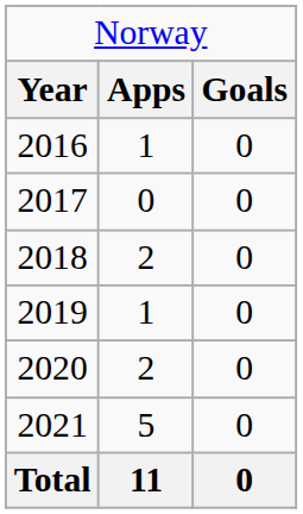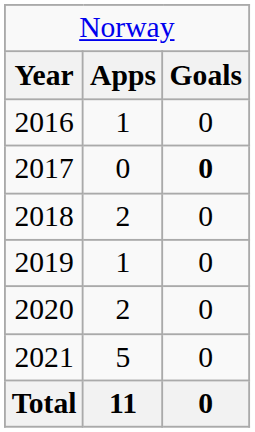 <table class="wikitable" style="text-align:center">
 <tr>
 <td colspan=3><a href='#'>Norway</a></td>
 </tr>
 <tr>
 <th>Year</th>
 <th>Apps</th>
 <th>Goals</th>
 </tr>
 <tr>
 <td>2016</td>
 <td>1</td>
 <td>0</td>
 </tr>
 <tr>
 <td>2017</td>
 <td>0</td>
-<td>0</td>
+<td><strong>0</strong></td>
 </tr>
 <tr>
 <td>2018</td>
 <td>2</td>
 <td>0</td>
 </tr>
 <tr>
 <td>2019</td>
 <td>1</td>
 <td>0</td>
 </tr>
 <tr>
 <td>2020</td>
 <td>2</td>
 <td>0</td>
 </tr>
 <tr>
 <td>2021</td>
 <td>5</td>
 <td>0</td>
 </tr>
 <tr>
 <th>Total</th>
 <th>11</th>
 <th>0</th>
 </tr>
 </table>
